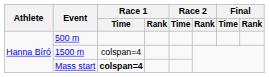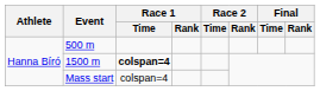 <table class="wikitable" style="font-size:90%">
 <tr>
 <th rowspan=2>Athlete</th>
 <th rowspan=2>Event</th>
 <th colspan=2>Race 1</th>
 <th colspan=2>Race 2</th>
 <th colspan=2>Final</th>
 </tr>
 <tr style="font-size:95%">
 <th>Time</th>
 <th>Rank</th>
 <th>Time</th>
 <th>Rank</th>
 <th>Time</th>
 <th>Rank</th>
 </tr>
 <tr align=center>
 <td align=left rowspan=3><a href='#'>Hanna Bíró</a></td>
 <td align=left><a href='#'>500 m</a></td>
 <td></td>
 <td></td>
 <td></td>
 <td></td>
 <td></td>
 <td></td>
 </tr>
 <tr align=center>
 <td align=left><a href='#'>1500 m</a></td>
-<td>colspan=4 </td>
+<td><strong>colspan=4 </strong></td>
 <td></td>
 <td></td>
 </tr>
 <tr align=center>
 <td align=left><a href='#'>Mass start</a></td>
-<td><strong>colspan=4 </strong></td>
+<td>colspan=4 </td>
 <td></td>
 <td></td>
 </tr>
 </table>
